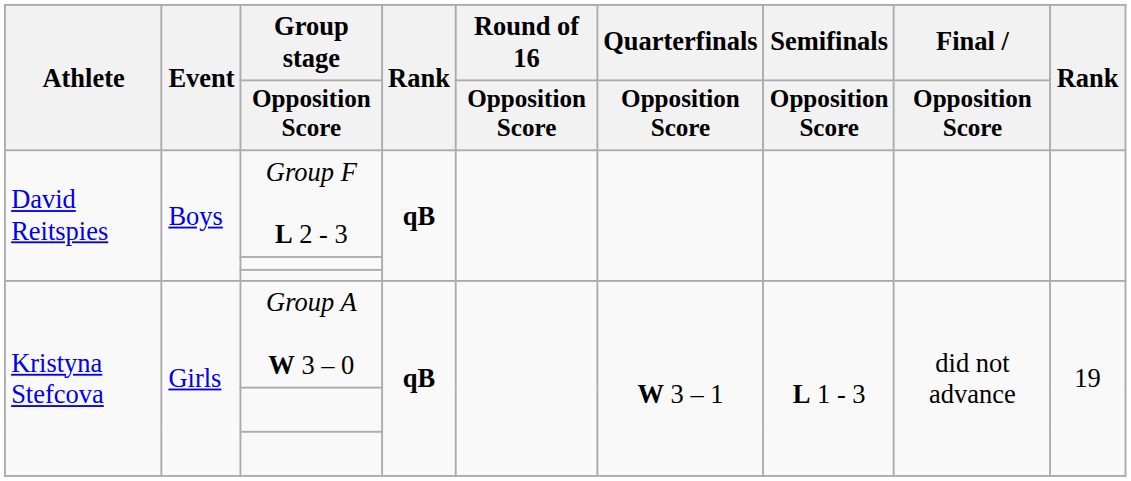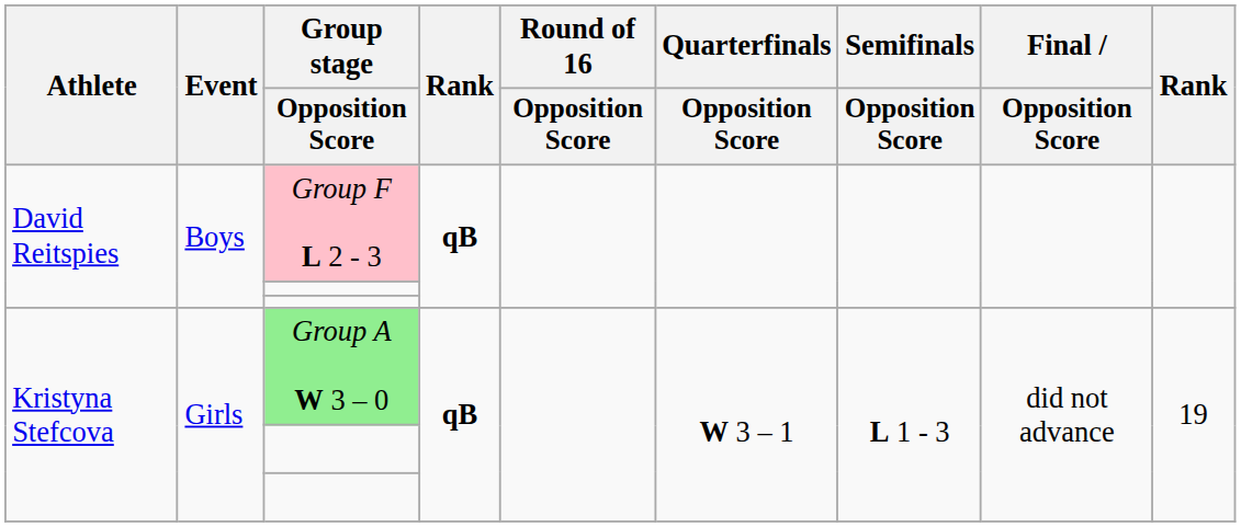 <table class=wikitable style="font-size:90%">
 <tr>
 <th rowspan="2">Athlete</th>
 <th rowspan="2">Event</th>
 <th>Group stage</th>
 <th rowspan="2">Rank</th>
 <th>Round of 16</th>
 <th>Quarterfinals</th>
 <th>Semifinals</th>
 <th>Final / </th>
 <th rowspan=2>Rank</th>
 </tr>
 <tr style="font-size:95%">
 <th>Opposition<br>Score</th>
 <th>Opposition<br>Score</th>
 <th>Opposition<br>Score</th>
 <th>Opposition<br>Score</th>
 <th>Opposition<br>Score</th>
 </tr>
 <tr align=center>
 <td align=left rowspan=3><a href='#'>David Reitspies</a></td>
 <td align=left rowspan=3><a href='#'>Boys</a></td>
-<td><em>Group F</em><br><br><strong>L</strong> 2 - 3</td>
+<td style="background: pink;"><em>Group F</em><br><br><strong>L</strong> 2 - 3</td>
 <td rowspan=3><strong>qB</strong></td>
 <td rowspan=3></td>
 <td rowspan=3></td>
 <td rowspan=3></td>
 <td rowspan=3></td>
 <td rowspan=3></td>
 </tr>
 <tr align=center>
 <td></td>
 </tr>
 <tr align=center>
 <td></td>
 </tr>
 <tr align=center>
 <td align=left rowspan=3><a href='#'>Kristyna Stefcova</a></td>
 <td align=left rowspan=3><a href='#'>Girls</a></td>
-<td><em>Group A</em><br><br><strong>W</strong> 3 – 0</td>
+<td style="background: lightgreen;"><em>Group A</em><br><br><strong>W</strong> 3 – 0</td>
 <td rowspan=3><strong>qB</strong></td>
 <td rowspan=3></td>
 <td rowspan=3><br><strong>W</strong> 3 – 1</td>
 <td rowspan=3><br><strong>L</strong> 1 - 3</td>
 <td rowspan=3>did not advance</td>
 <td rowspan=3>19</td>
 </tr>
 <tr align=center>
 <td><br></td>
 </tr>
 <tr align=center>
 <td><br></td>
 </tr>
 </table>
